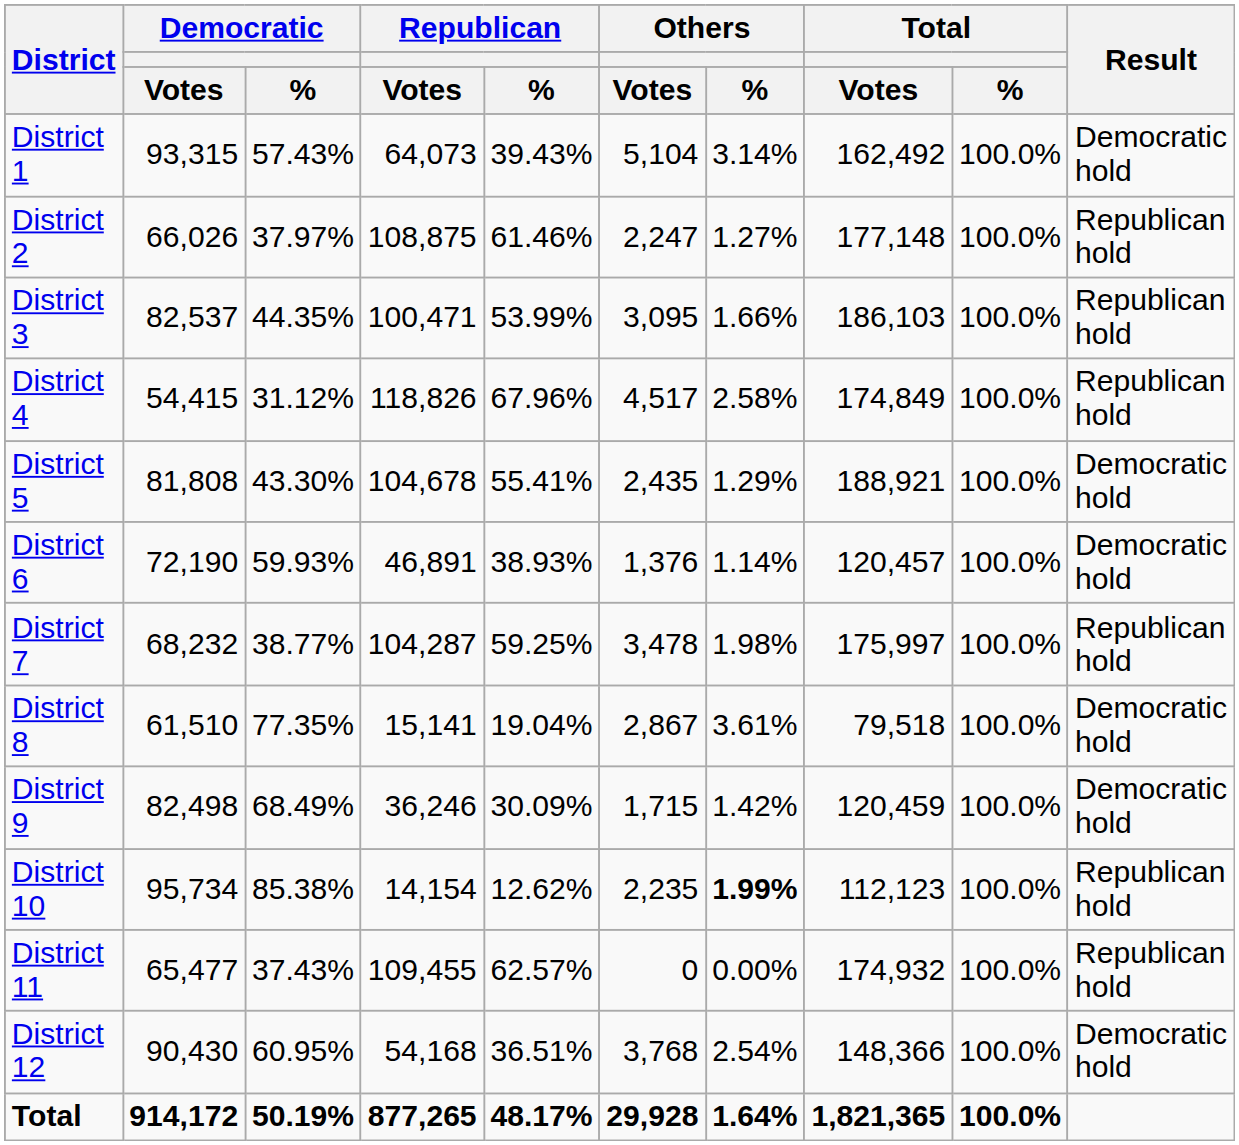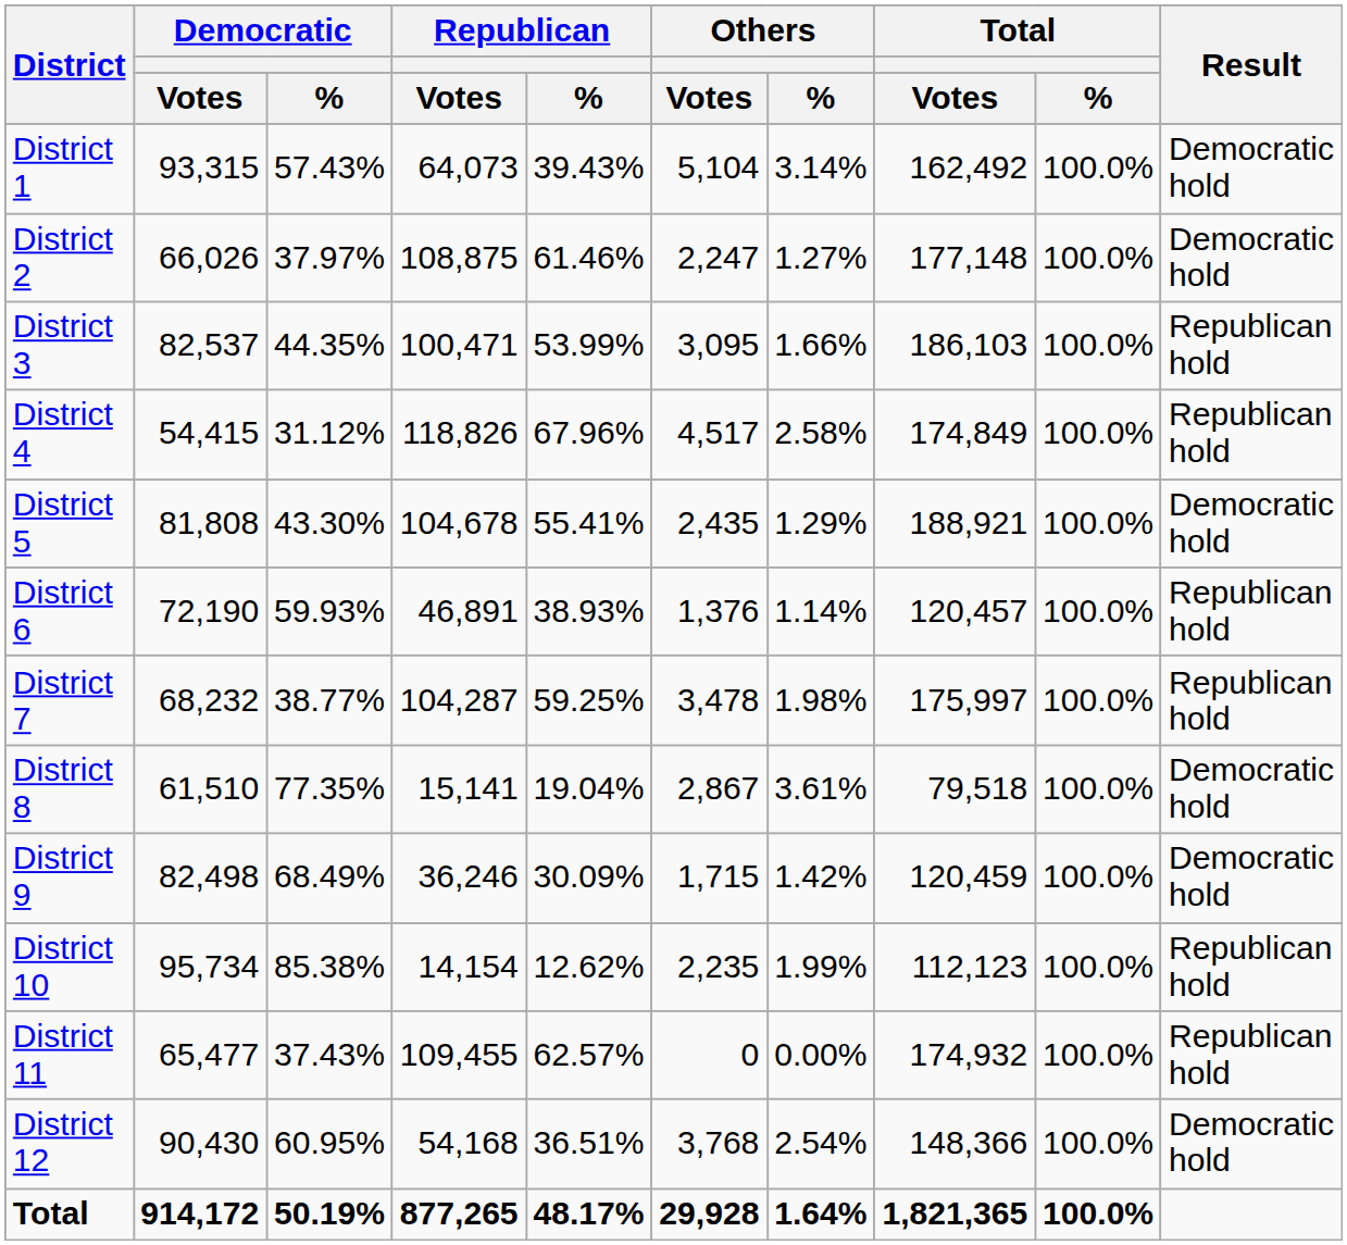 <table class="wikitable plainrowheaders sortable" style="font-size:100%; text-align:right;">
 <tr>
 <th scope=col rowspan=3><a href='#'>District</a></th>
 <th scope=col colspan=2><a href='#'>Democratic</a></th>
 <th scope=col colspan=2><a href='#'>Republican</a></th>
 <th scope=col colspan=2>Others</th>
 <th scope=col colspan=2>Total</th>
 <th scope=col rowspan=3>Result</th>
 </tr>
 <tr>
 <th scope=col colspan=2 style="background:"></th>
 <th scope=col colspan=2 style="background:"></th>
 <th scope=col colspan=2></th>
 <th scope=col colspan=2></th>
 </tr>
 <tr>
 <th scope=col data-sort-type="number">Votes</th>
 <th scope=col data-sort-type="number">%</th>
 <th scope=col data-sort-type="number">Votes</th>
 <th scope=col data-sort-type="number">%</th>
 <th scope=col data-sort-type="number">Votes</th>
 <th scope=col data-sort-type="number">%</th>
 <th scope=col data-sort-type="number">Votes</th>
 <th scope=col data-sort-type="number">%</th>
 </tr>
 <tr>
 <td align=left><a href='#'>District 1</a></td>
 <td>93,315</td>
 <td>57.43%</td>
 <td>64,073</td>
 <td>39.43%</td>
 <td>5,104</td>
 <td>3.14%</td>
 <td>162,492</td>
 <td>100.0%</td>
 <td align=left>Democratic hold</td>
 </tr>
 <tr>
 <td align=left><a href='#'>District 2</a></td>
 <td>66,026</td>
 <td>37.97%</td>
 <td>108,875</td>
 <td>61.46%</td>
 <td>2,247</td>
 <td>1.27%</td>
 <td>177,148</td>
 <td>100.0%</td>
-<td align=left>Republican hold</td>
+<td align=left>Democratic hold</td>
 </tr>
 <tr>
 <td align=left><a href='#'>District 3</a></td>
 <td>82,537</td>
 <td>44.35%</td>
 <td>100,471</td>
 <td>53.99%</td>
 <td>3,095</td>
 <td>1.66%</td>
 <td>186,103</td>
 <td>100.0%</td>
 <td align=left>Republican hold</td>
 </tr>
 <tr>
 <td align=left><a href='#'>District 4</a></td>
 <td>54,415</td>
 <td>31.12%</td>
 <td>118,826</td>
 <td>67.96%</td>
 <td>4,517</td>
 <td>2.58%</td>
 <td>174,849</td>
 <td>100.0%</td>
 <td align=left>Republican hold</td>
 </tr>
 <tr>
 <td align=left><a href='#'>District 5</a></td>
 <td>81,808</td>
 <td>43.30%</td>
 <td>104,678</td>
 <td>55.41%</td>
 <td>2,435</td>
 <td>1.29%</td>
 <td>188,921</td>
 <td>100.0%</td>
 <td align=left>Democratic hold</td>
 </tr>
 <tr>
 <td align=left><a href='#'>District 6</a></td>
 <td>72,190</td>
 <td>59.93%</td>
 <td>46,891</td>
 <td>38.93%</td>
 <td>1,376</td>
 <td>1.14%</td>
 <td>120,457</td>
 <td>100.0%</td>
-<td align=left>Democratic hold</td>
+<td align=left>Republican hold</td>
 </tr>
 <tr>
 <td align=left><a href='#'>District 7</a></td>
 <td>68,232</td>
 <td>38.77%</td>
 <td>104,287</td>
 <td>59.25%</td>
 <td>3,478</td>
 <td>1.98%</td>
 <td>175,997</td>
 <td>100.0%</td>
 <td align=left>Republican hold</td>
 </tr>
 <tr>
 <td align=left><a href='#'>District 8</a></td>
 <td>61,510</td>
 <td>77.35%</td>
 <td>15,141</td>
 <td>19.04%</td>
 <td>2,867</td>
 <td>3.61%</td>
 <td>79,518</td>
 <td>100.0%</td>
 <td align=left>Democratic hold</td>
 </tr>
 <tr>
 <td align=left><a href='#'>District 9</a></td>
 <td>82,498</td>
 <td>68.49%</td>
 <td>36,246</td>
 <td>30.09%</td>
 <td>1,715</td>
 <td>1.42%</td>
 <td>120,459</td>
 <td>100.0%</td>
 <td align=left>Democratic hold</td>
 </tr>
 <tr>
 <td align=left><a href='#'>District 10</a></td>
 <td>95,734</td>
 <td>85.38%</td>
 <td>14,154</td>
 <td>12.62%</td>
 <td>2,235</td>
-<td><strong>1.99%</strong></td>
+<td>1.99%</td>
 <td>112,123</td>
 <td>100.0%</td>
 <td align=left>Republican hold</td>
 </tr>
 <tr>
 <td align=left><a href='#'>District 11</a></td>
 <td>65,477</td>
 <td>37.43%</td>
 <td>109,455</td>
 <td>62.57%</td>
 <td>0</td>
 <td>0.00%</td>
 <td>174,932</td>
 <td>100.0%</td>
 <td align=left>Republican hold</td>
 </tr>
 <tr>
 <td align=left><a href='#'>District 12</a></td>
 <td>90,430</td>
 <td>60.95%</td>
 <td>54,168</td>
 <td>36.51%</td>
 <td>3,768</td>
 <td>2.54%</td>
 <td>148,366</td>
 <td>100.0%</td>
 <td align=left>Democratic hold</td>
 </tr>
 <tr class="sortbottom" style="font-weight:bold">
 <td align=left>Total</td>
 <td>914,172</td>
 <td>50.19%</td>
 <td>877,265</td>
 <td>48.17%</td>
 <td>29,928</td>
 <td>1.64%</td>
 <td>1,821,365</td>
 <td>100.0%</td>
 <td></td>
 </tr>
 </table>
